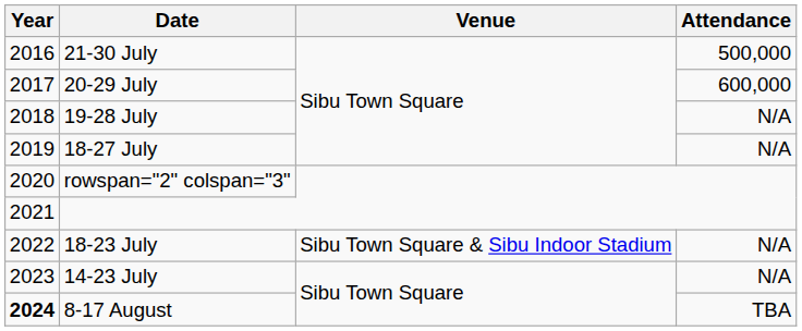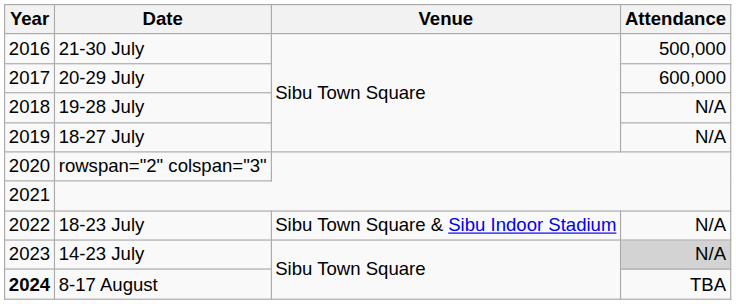 <table class="wikitable" style="text-align:right; margin-right:60px">
 <tr>
 <th>Year</th>
 <th>Date</th>
 <th>Venue</th>
 <th>Attendance</th>
 </tr>
 <tr>
 <td align=left>2016</td>
 <td align=left>21-30 July</td>
 <td align=left rowspan="4">Sibu Town Square</td>
 <td>500,000</td>
 </tr>
 <tr>
 <td align=left>2017</td>
 <td align=left>20-29 July</td>
 <td>600,000</td>
 </tr>
 <tr>
 <td align=left>2018</td>
 <td align=left>19-28 July</td>
 <td>N/A</td>
 </tr>
 <tr>
 <td align=left>2019</td>
 <td align=left>18-27 July</td>
 <td>N/A</td>
 </tr>
 <tr>
 <td>2020</td>
 <td>rowspan="2" colspan="3" </td>
 </tr>
 <tr>
 <td>2021</td>
 </tr>
 <tr>
 <td align=left>2022</td>
 <td align=left>18-23 July</td>
 <td align=left rowspan="1">Sibu Town Square & <a href='#'>Sibu Indoor Stadium</a></td>
 <td>N/A</td>
 </tr>
 <tr>
 <td align=left>2023</td>
 <td align=left>14-23 July</td>
 <td align=left rowspan="2">Sibu Town Square</td>
-<td>N/A</td>
+<td style="background: lightgrey;">N/A</td>
 </tr>
 <tr>
 <td align=left><strong>2024</strong></td>
 <td align=left>8-17 August</td>
 <td>TBA</td>
 </tr>
 </table>
